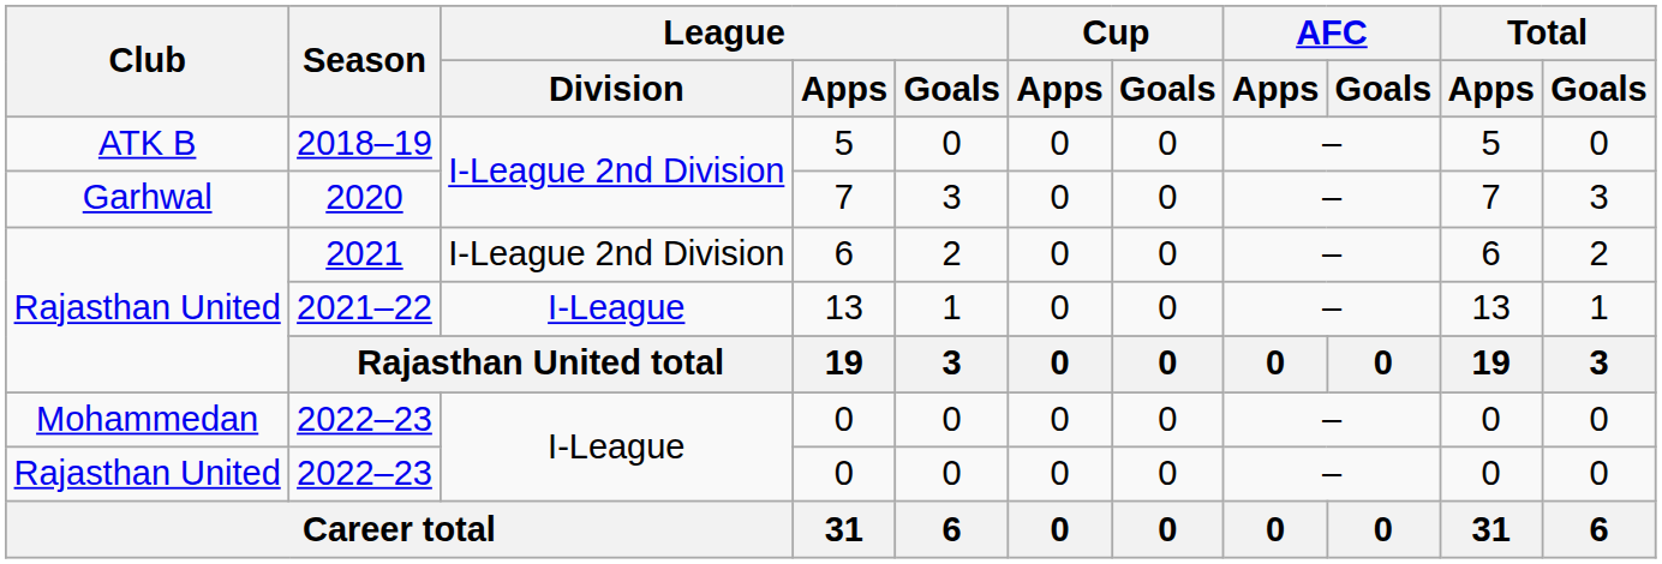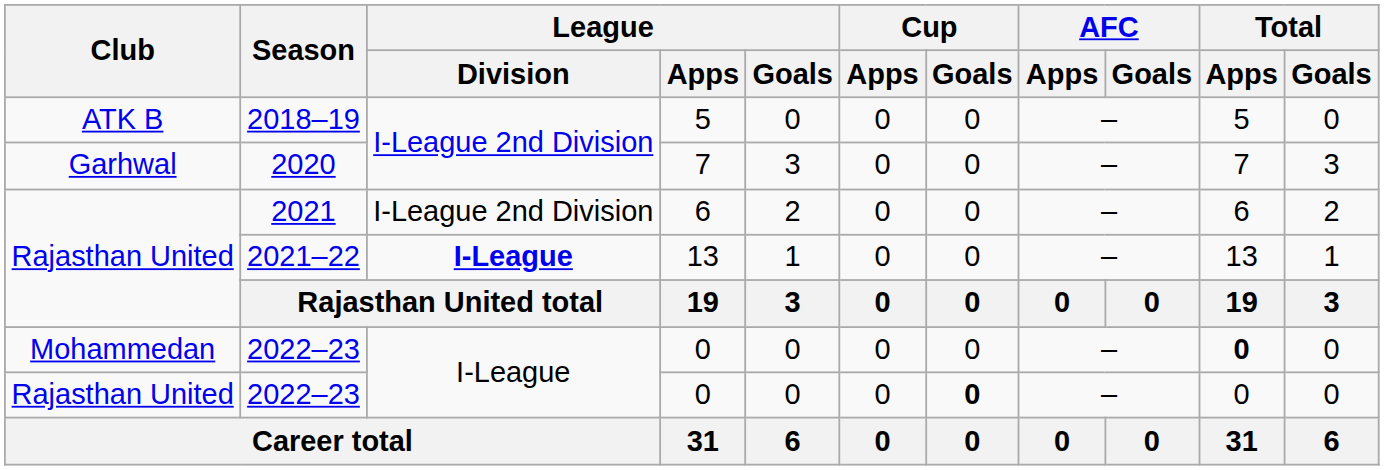 <table class=wikitable style=text-align:center>
 <tr>
 <th rowspan="2">Club</th>
 <th rowspan="2">Season</th>
 <th colspan="3">League</th>
 <th colspan="2">Cup</th>
 <th colspan="2"><a href='#'>AFC</a></th>
 <th colspan="2">Total</th>
 </tr>
 <tr>
 <th>Division</th>
 <th>Apps</th>
 <th>Goals</th>
 <th>Apps</th>
 <th>Goals</th>
 <th>Apps</th>
 <th>Goals</th>
 <th>Apps</th>
 <th>Goals</th>
 </tr>
 <tr>
 <td rowspan="1"><a href='#'>ATK B</a></td>
 <td><a href='#'>2018–19</a></td>
 <td rowspan="2"><a href='#'>I-League 2nd Division</a></td>
 <td>5</td>
 <td>0</td>
 <td>0</td>
 <td>0</td>
 <td colspan="2">–</td>
 <td>5</td>
 <td>0</td>
 </tr>
 <tr>
 <td rowspan="1"><a href='#'>Garhwal</a></td>
 <td><a href='#'>2020</a></td>
 <td>7</td>
 <td>3</td>
 <td>0</td>
 <td>0</td>
 <td colspan="2">–</td>
 <td>7</td>
 <td>3</td>
 </tr>
 <tr>
 <td rowspan="3"><a href='#'>Rajasthan United</a></td>
 <td><a href='#'>2021</a></td>
 <td rowspan="1">I-League 2nd Division</td>
 <td>6</td>
 <td>2</td>
 <td>0</td>
 <td>0</td>
 <td colspan="2">–</td>
 <td>6</td>
 <td>2</td>
 </tr>
 <tr>
 <td><a href='#'>2021–22</a></td>
-<td rowspan="1"><a href='#'>I-League</a></td>
+<td rowspan="1"><strong><a href='#'>I-League</a></strong></td>
 <td>13</td>
 <td>1</td>
 <td>0</td>
 <td>0</td>
 <td colspan="2">–</td>
 <td>13</td>
 <td>1</td>
 </tr>
 <tr>
 <th colspan="2">Rajasthan United total</th>
 <th>19</th>
 <th>3</th>
 <th>0</th>
 <th>0</th>
 <th>0</th>
 <th>0</th>
 <th>19</th>
 <th>3</th>
 </tr>
 <tr>
 <td rowspan="1"><a href='#'>Mohammedan</a></td>
 <td><a href='#'>2022–23</a></td>
 <td rowspan="2">I-League</td>
 <td>0</td>
 <td>0</td>
 <td>0</td>
 <td>0</td>
 <td colspan="2">–</td>
-<td>0</td>
+<td><strong>0</strong></td>
 <td>0</td>
 </tr>
 <tr>
 <td rowspan="1"><a href='#'>Rajasthan United</a></td>
 <td><a href='#'>2022–23</a></td>
 <td>0</td>
 <td>0</td>
 <td>0</td>
-<td>0</td>
+<td><strong>0</strong></td>
 <td colspan="2">–</td>
 <td>0</td>
 <td>0</td>
 </tr>
 <tr>
 <th colspan="3">Career total</th>
 <th>31</th>
 <th>6</th>
 <th>0</th>
 <th>0</th>
 <th>0</th>
 <th>0</th>
 <th>31</th>
 <th>6</th>
 </tr>
 </table>
